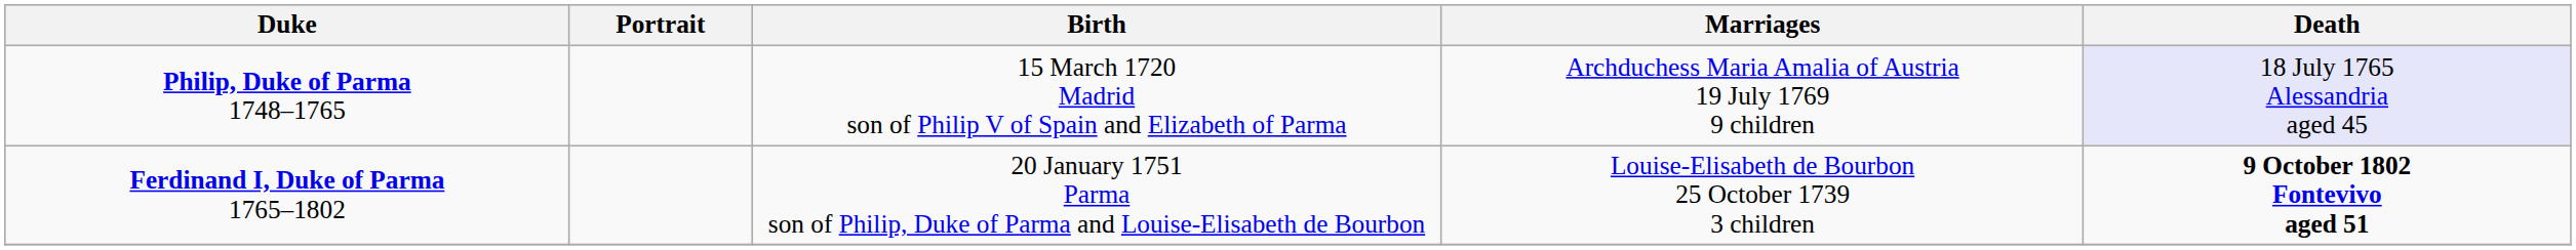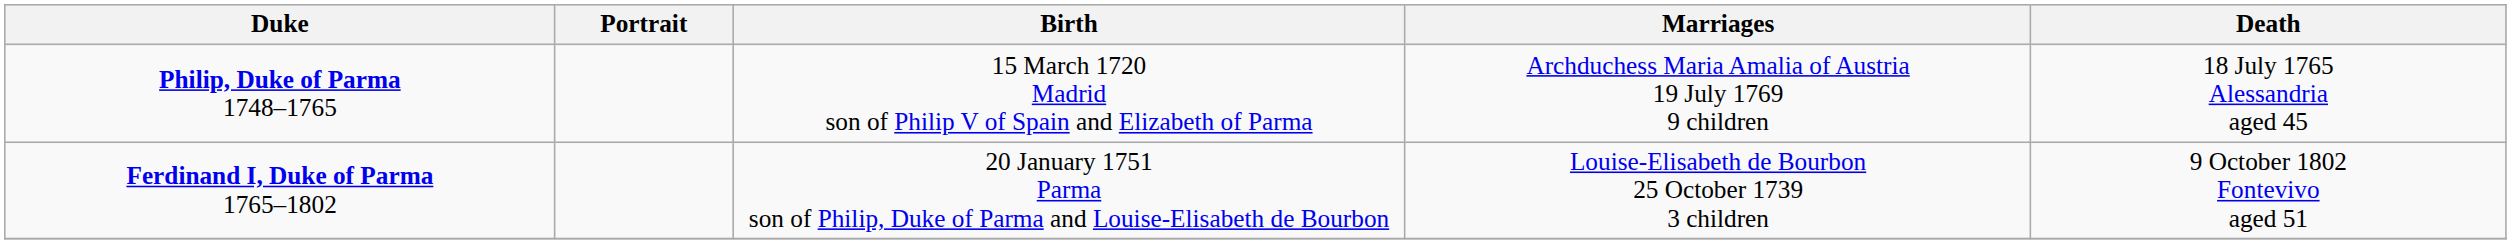 <table style="text-align:center; width:100%" class="wikitable">
 <tr>
 <th width=22%>Duke</th>
 <th width=105px>Portrait</th>
 <th>Birth</th>
 <th width=25%>Marriages</th>
 <th width=19%>Death</th>
 </tr>
 <tr>
 <td><strong><a href='#'>Philip, Duke of Parma</a></strong><br>1748–1765</td>
 <td></td>
 <td>15 March 1720<br><a href='#'>Madrid</a><br>son of <a href='#'>Philip V of Spain</a> and <a href='#'>Elizabeth of Parma</a></td>
 <td><a href='#'>Archduchess Maria Amalia of Austria</a><br>19 July 1769<br>9 children</td>
-<td style="background: lavender;">18 July 1765<br><a href='#'>Alessandria</a><br>aged 45</td>
+<td>18 July 1765<br><a href='#'>Alessandria</a><br>aged 45</td>
 </tr>
 <tr>
 <td><strong><a href='#'>Ferdinand I, Duke of Parma</a></strong><br>1765–1802<br></td>
 <td></td>
 <td>20 January 1751<br><a href='#'>Parma</a><br>son of <a href='#'>Philip, Duke of Parma</a> and <a href='#'>Louise-Elisabeth de Bourbon</a></td>
 <td><a href='#'>Louise-Elisabeth de Bourbon</a><br>25 October 1739<br>3 children</td>
-<td><strong>9 October 1802<br><a href='#'>Fontevivo</a><br>aged 51</strong></td>
+<td>9 October 1802<br><a href='#'>Fontevivo</a><br>aged 51</td>
 </tr>
 <tr>
 </tr>
 </table>
